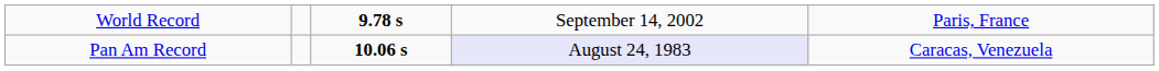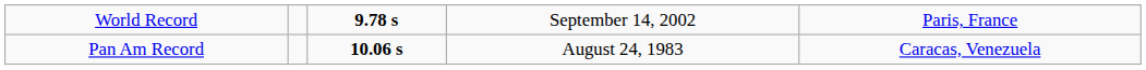 <table class="wikitable" style=" text-align:center; font-size:95%;" width="75%">
 <tr>
 <td><a href='#'>World Record</a></td>
 <td></td>
 <td><strong>9.78 s </strong></td>
 <td>September 14, 2002</td>
 <td> <a href='#'>Paris, France</a></td>
 </tr>
 <tr>
 <td><a href='#'>Pan Am Record</a></td>
 <td></td>
 <td><strong>10.06 s </strong></td>
-<td style="background: lavender;">August 24, 1983</td>
+<td>August 24, 1983</td>
 <td> <a href='#'>Caracas, Venezuela</a></td>
 </tr>
 </table>
